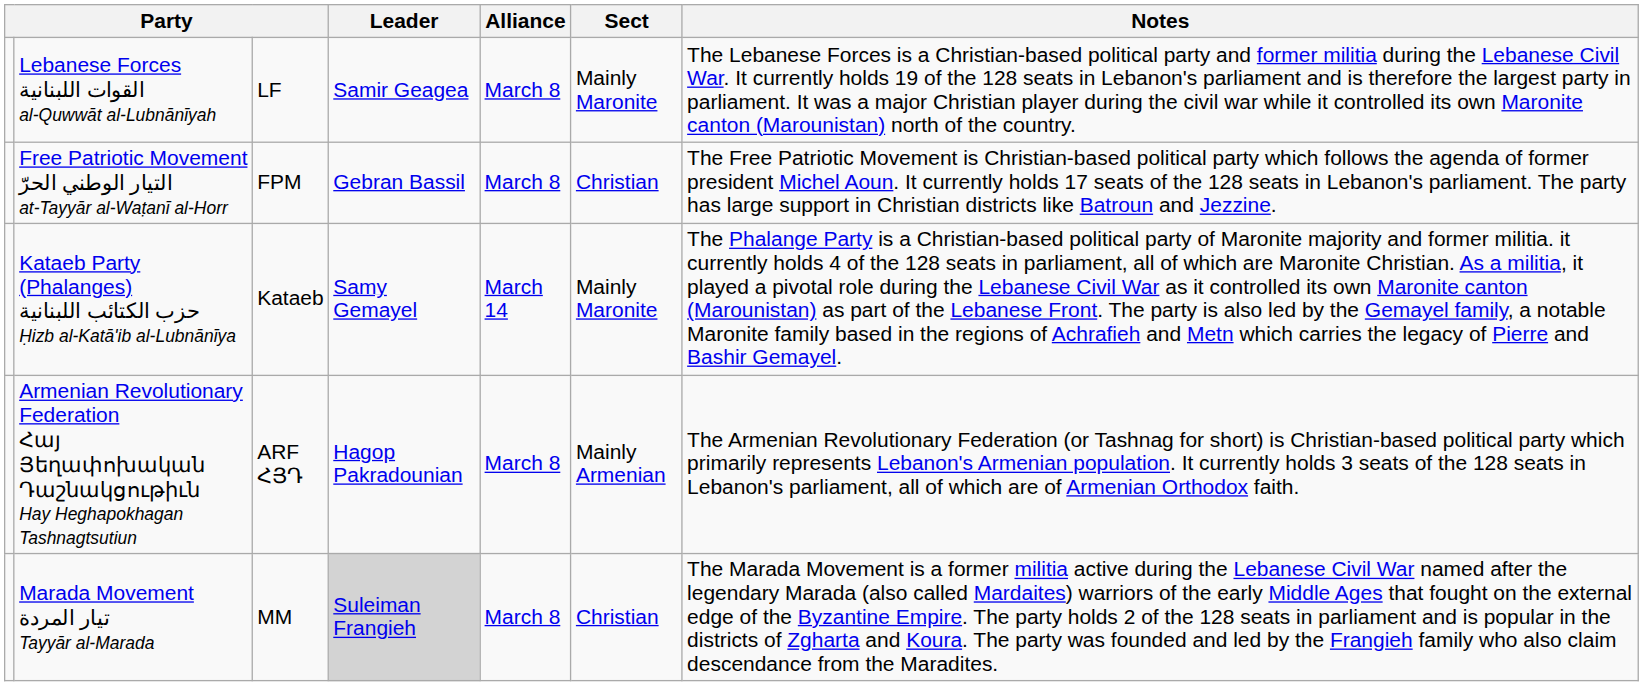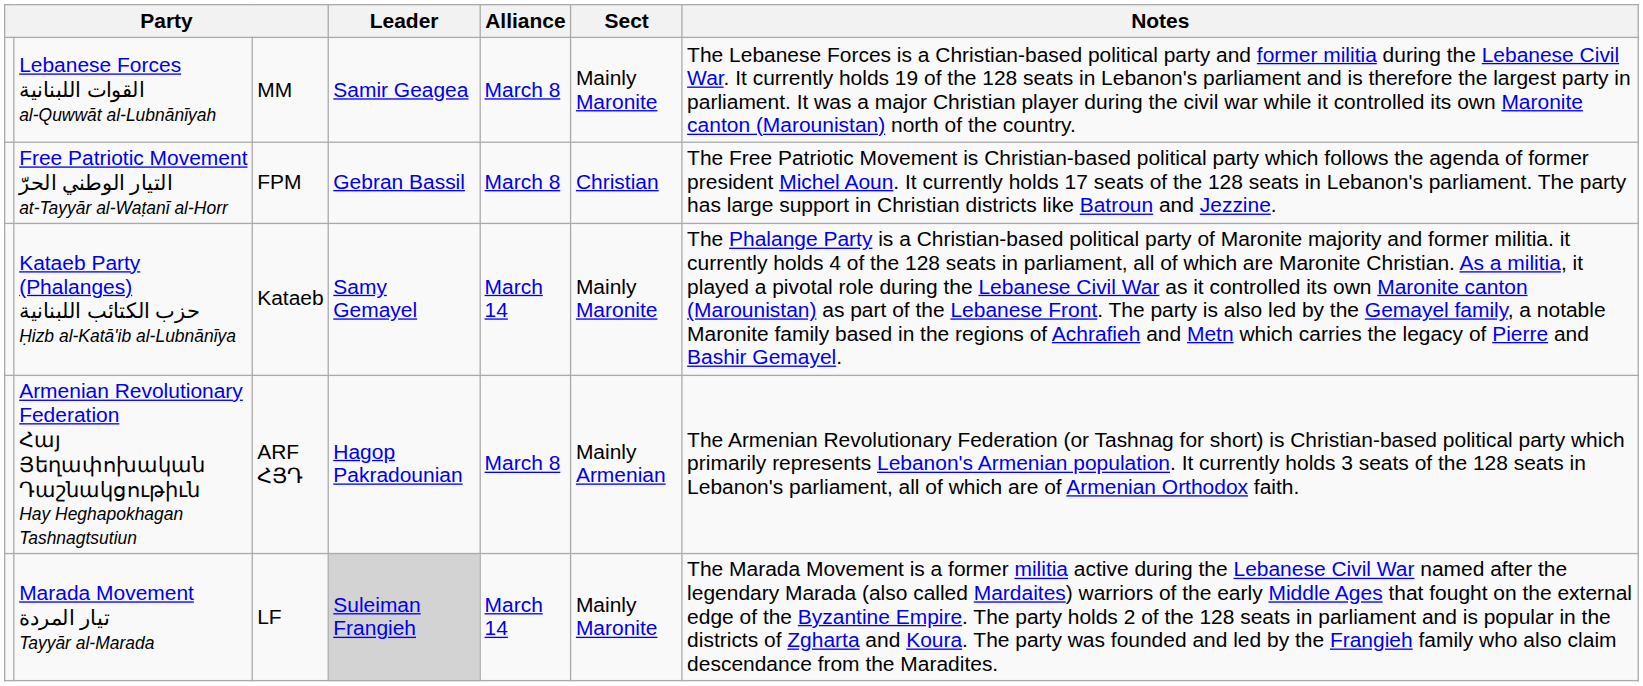 <table class="wikitable sortable">
 <tr>
 <th colspan="3">Party</th>
 <th>Leader</th>
 <th>Alliance</th>
 <th>Sect</th>
 <th>Notes</th>
 </tr>
 <tr>
 <td></td>
 <td><a href='#'>Lebanese Forces</a><br><span>القوات اللبنانية</span><br><small><em>al-Quwwāt al-Lubnānīyah</em></small></td>
-<td>LF</td>
+<td>MM</td>
 <td><a href='#'>Samir Geagea</a></td>
 <td><a href='#'>March 8</a></td>
 <td>Mainly <a href='#'>Maronite</a></td>
 <td>The Lebanese Forces is a Christian-based political party and <a href='#'>former militia</a> during the <a href='#'>Lebanese Civil War</a>. It currently holds 19 of the 128 seats in Lebanon's parliament and is therefore the largest party in parliament. It was a major Christian player during the civil war while it controlled its own <a href='#'>Maronite canton (Marounistan)</a> north of the country.</td>
 </tr>
 <tr>
 <td></td>
 <td><a href='#'>Free Patriotic Movement</a><br><span>التيار الوطني الحرّ</span><br><small><em>at-Tayyār al-Waṭanī al-Horr</em></small></td>
 <td>FPM</td>
 <td><a href='#'>Gebran Bassil</a></td>
 <td><a href='#'>March 8</a></td>
 <td><a href='#'>Christian</a></td>
 <td>The Free Patriotic Movement is Christian-based political party which follows the agenda of former president <a href='#'>Michel Aoun</a>. It currently holds 17 seats of the 128 seats in Lebanon's parliament. The party has large support in Christian districts like <a href='#'>Batroun</a> and <a href='#'>Jezzine</a>.</td>
 </tr>
 <tr>
 <td></td>
 <td><a href='#'>Kataeb Party (Phalanges)</a><br><span>حزب الكتائب اللبنانية</span><br><small><em>Ḥizb al-Katā'ib al-Lubnānīya</em></small></td>
 <td>Kataeb</td>
 <td><a href='#'>Samy Gemayel</a></td>
 <td><a href='#'>March 14</a></td>
 <td>Mainly <a href='#'>Maronite</a></td>
 <td>The <a href='#'>Phalange Party</a> is a Christian-based political party of Maronite majority and former militia. it currently holds 4 of the 128 seats in parliament, all of which are Maronite Christian. <a href='#'>As a militia</a>, it played a pivotal role during the <a href='#'>Lebanese Civil War</a> as it controlled its own <a href='#'>Maronite canton (Marounistan)</a> as part of the <a href='#'>Lebanese Front</a>. The party is also led by the <a href='#'>Gemayel family</a>, a notable Maronite family based in the regions of <a href='#'>Achrafieh</a> and <a href='#'>Metn</a> which carries the legacy of <a href='#'>Pierre</a> and <a href='#'>Bashir Gemayel</a>.</td>
 </tr>
 <tr>
 <td></td>
 <td><a href='#'>Armenian Revolutionary Federation</a><br>Հայ Յեղափոխական Դաշնակցութիւն<br><small><em>Hay Heghapokhagan Tashnagtsutiun</em></small></td>
 <td>ARF<br>ՀՅԴ</td>
 <td><a href='#'>Hagop Pakradounian</a></td>
 <td><a href='#'>March 8</a></td>
 <td>Mainly <a href='#'>Armenian</a></td>
 <td>The Armenian Revolutionary Federation (or Tashnag for short) is Christian-based political party which primarily represents <a href='#'>Lebanon's Armenian population</a>. It currently holds 3 seats of the 128 seats in Lebanon's parliament, all of which are of <a href='#'>Armenian Orthodox</a> faith.</td>
 </tr>
 <tr>
 <td></td>
 <td><a href='#'>Marada Movement</a><br><span>تيار المردة</span><br><small><em>Tayyār al-Marada</em></small></td>
-<td>MM</td>
+<td>LF</td>
 <td style="background: lightgrey;"><a href='#'>Suleiman Frangieh</a></td>
-<td><a href='#'>March 8</a></td>
-<td><a href='#'>Christian</a></td>
+<td><a href='#'>March 14</a></td>
+<td>Mainly <a href='#'>Maronite</a></td>
 <td>The Marada Movement is a former <a href='#'>militia</a> active during the <a href='#'>Lebanese Civil War</a> named after the legendary Marada (also called <a href='#'>Mardaites</a>) warriors of the early <a href='#'>Middle Ages</a> that fought on the external edge of the <a href='#'>Byzantine Empire</a>. The party holds 2 of the 128 seats in parliament and is popular in the districts of <a href='#'>Zgharta</a> and <a href='#'>Koura</a>. The party was founded and led by the <a href='#'>Frangieh</a> family who also claim descendance from the Maradites.</td>
 </tr>
 </table>
